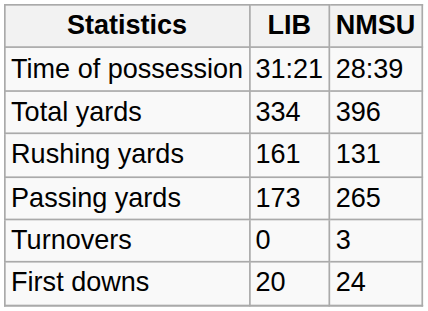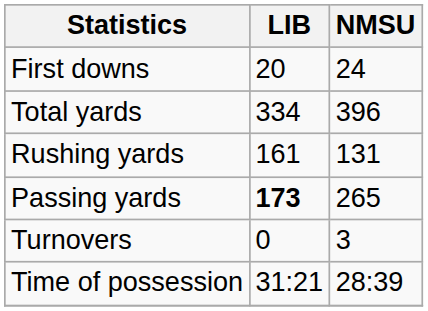 <table class="wikitable">
 <tr>
 <th>Statistics</th>
 <th>LIB</th>
 <th>NMSU</th>
 </tr>
 <tr>
-<td>Time of possession</td>
-<td>31:21</td>
-<td>28:39</td>
+<td>First downs</td>
+<td>20</td>
+<td>24</td>
 </tr>
 <tr>
 <td>Total yards</td>
 <td>334</td>
 <td>396</td>
 </tr>
 <tr>
 <td>Rushing yards</td>
 <td>161</td>
 <td>131</td>
 </tr>
 <tr>
 <td>Passing yards</td>
-<td>173</td>
+<td><strong>173</strong></td>
 <td>265</td>
 </tr>
 <tr>
 <td>Turnovers</td>
 <td>0</td>
 <td>3</td>
 </tr>
 <tr>
-<td>First downs</td>
-<td>20</td>
-<td>24</td>
+<td>Time of possession</td>
+<td>31:21</td>
+<td>28:39</td>
 </tr>
 <tr>
 </tr>
 </table>
